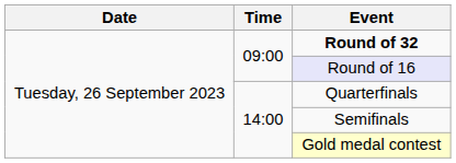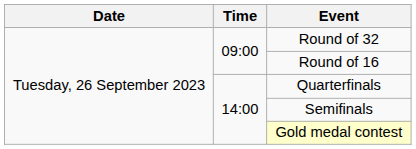 <table class = "wikitable" style="text-align:center;">
 <tr>
 <th width=220>Date</th>
 <th width=50>Time</th>
 <th width=150>Event</th>
 </tr>
 <tr>
 <td rowspan=5>Tuesday, 26 September 2023</td>
 <td rowspan=2>09:00</td>
-<td><strong>Round of 32</strong></td>
+<td>Round of 32</td>
 </tr>
 <tr>
-<td style="background: lavender;">Round of 16</td>
+<td>Round of 16</td>
 </tr>
 <tr>
 <td rowspan=3>14:00</td>
 <td>Quarterfinals</td>
 </tr>
 <tr>
 <td>Semifinals</td>
 </tr>
 <tr>
 <td bgcolor=ffffcc>Gold medal contest</td>
 </tr>
 </table>
